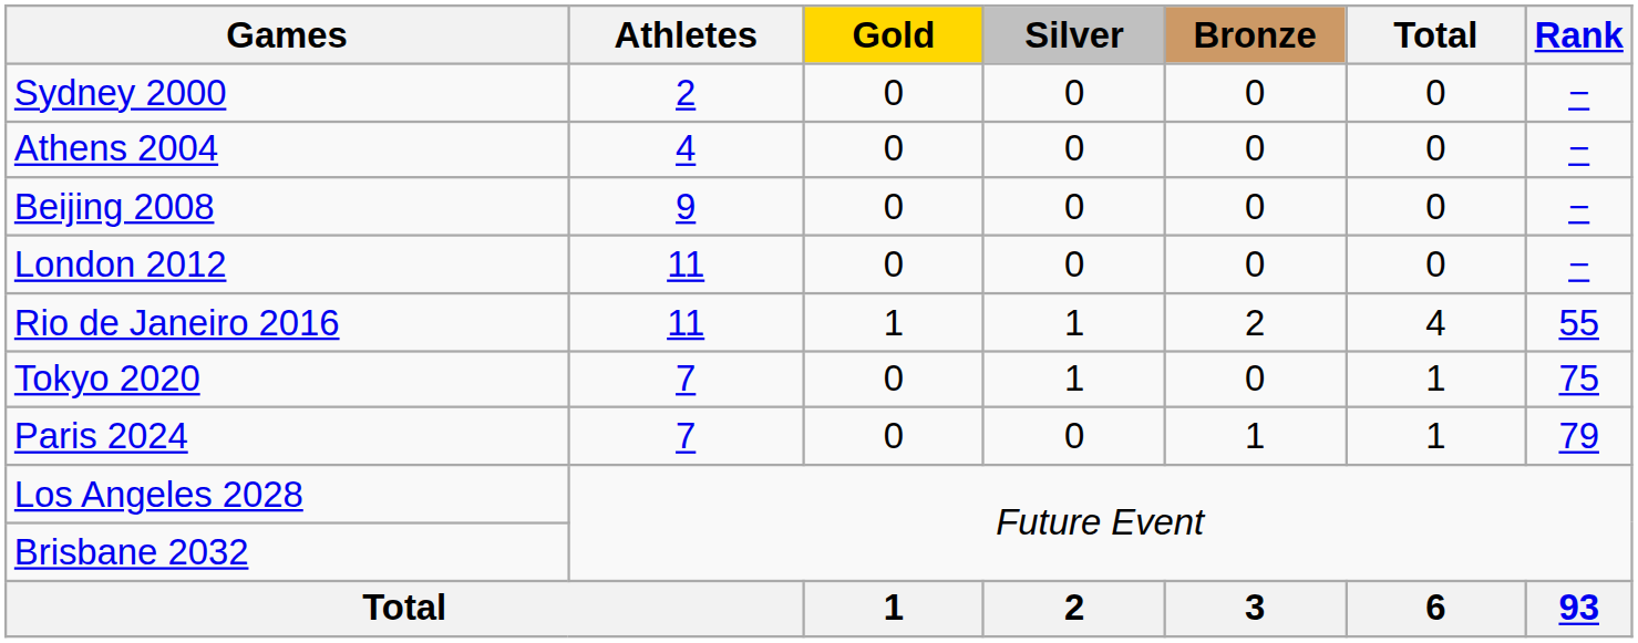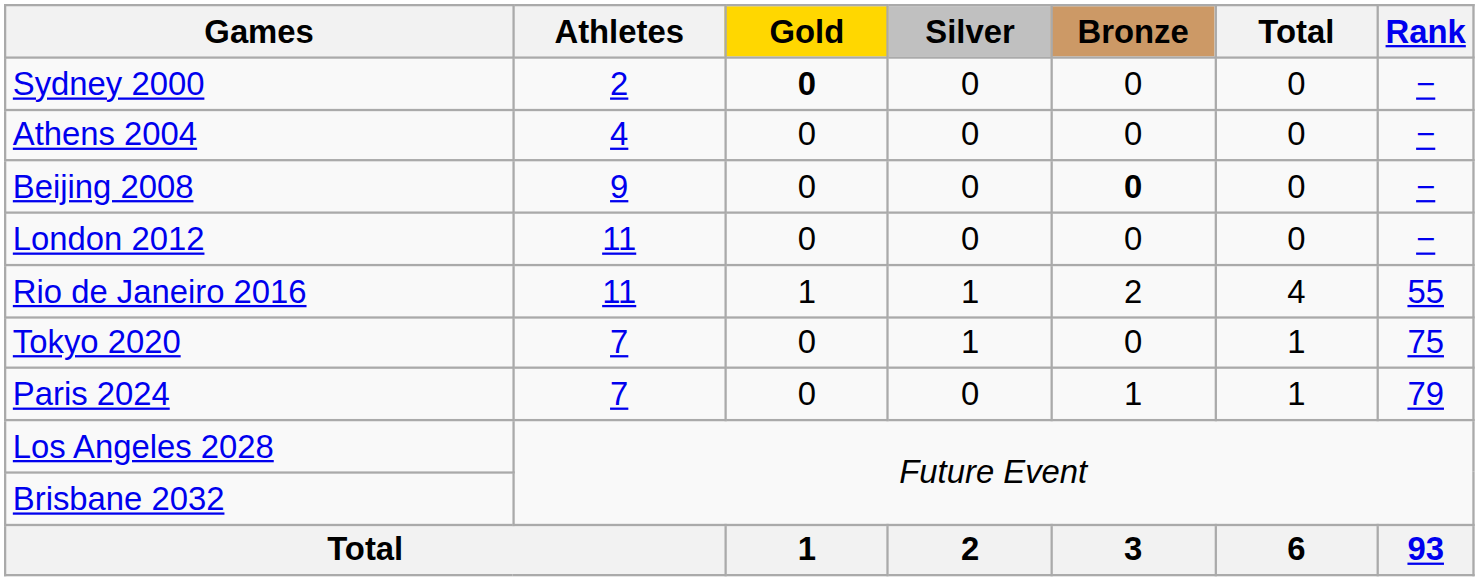 <table class="wikitable" style="text-align:center; font-size:90%;">
 <tr>
 <th style="width:15em;">Games</th>
 <th style="width:6em;">Athletes</th>
 <td style="background:gold; width:4.5em; font-weight:bold;">Gold</td>
 <td style="background:silver; width:4.5em; font-weight:bold;">Silver</td>
 <td style="background:#cc9966; width:4.5em; font-weight:bold;">Bronze</td>
 <th style="width:4.5em;">Total</th>
 <th style="width:2em;"><a href='#'>Rank</a></th>
 </tr>
 <tr>
 <td align=left> <a href='#'>Sydney 2000</a></td>
 <td><a href='#'>2</a></td>
-<td>0</td>
+<td><strong>0</strong></td>
 <td>0</td>
 <td>0</td>
 <td>0</td>
 <td><a href='#'>−</a></td>
 </tr>
 <tr>
 <td align=left> <a href='#'>Athens 2004</a></td>
 <td><a href='#'>4</a></td>
 <td>0</td>
 <td>0</td>
 <td>0</td>
 <td>0</td>
 <td><a href='#'>−</a></td>
 </tr>
 <tr>
 <td align=left> <a href='#'>Beijing 2008</a></td>
 <td><a href='#'>9</a></td>
 <td>0</td>
 <td>0</td>
-<td>0</td>
+<td><strong>0</strong></td>
 <td>0</td>
 <td><a href='#'>−</a></td>
 </tr>
 <tr>
 <td align=left> <a href='#'>London 2012</a></td>
 <td><a href='#'>11</a></td>
 <td>0</td>
 <td>0</td>
 <td>0</td>
 <td>0</td>
 <td><a href='#'>−</a></td>
 </tr>
 <tr>
 <td align=left> <a href='#'>Rio de Janeiro 2016</a></td>
 <td><a href='#'>11</a></td>
 <td>1</td>
 <td>1</td>
 <td>2</td>
 <td>4</td>
 <td><a href='#'>55</a></td>
 </tr>
 <tr>
 <td align=left> <a href='#'>Tokyo 2020</a></td>
 <td><a href='#'>7</a></td>
 <td>0</td>
 <td>1</td>
 <td>0</td>
 <td>1</td>
 <td><a href='#'>75</a></td>
 </tr>
 <tr>
 <td align=left> <a href='#'>Paris 2024</a></td>
 <td><a href='#'>7</a></td>
 <td>0</td>
 <td>0</td>
 <td>1</td>
 <td>1</td>
 <td><a href='#'>79</a></td>
 </tr>
 <tr>
 <td align=left> <a href='#'>Los Angeles 2028</a></td>
 <td colspan=6 rowspan=2><em>Future Event</em></td>
 </tr>
 <tr>
 <td align=left> <a href='#'>Brisbane 2032</a></td>
 </tr>
 <tr>
 <th colspan=2>Total</th>
 <th>1</th>
 <th>2</th>
 <th>3</th>
 <th>6</th>
 <th><a href='#'>93</a></th>
 </tr>
 </table>
